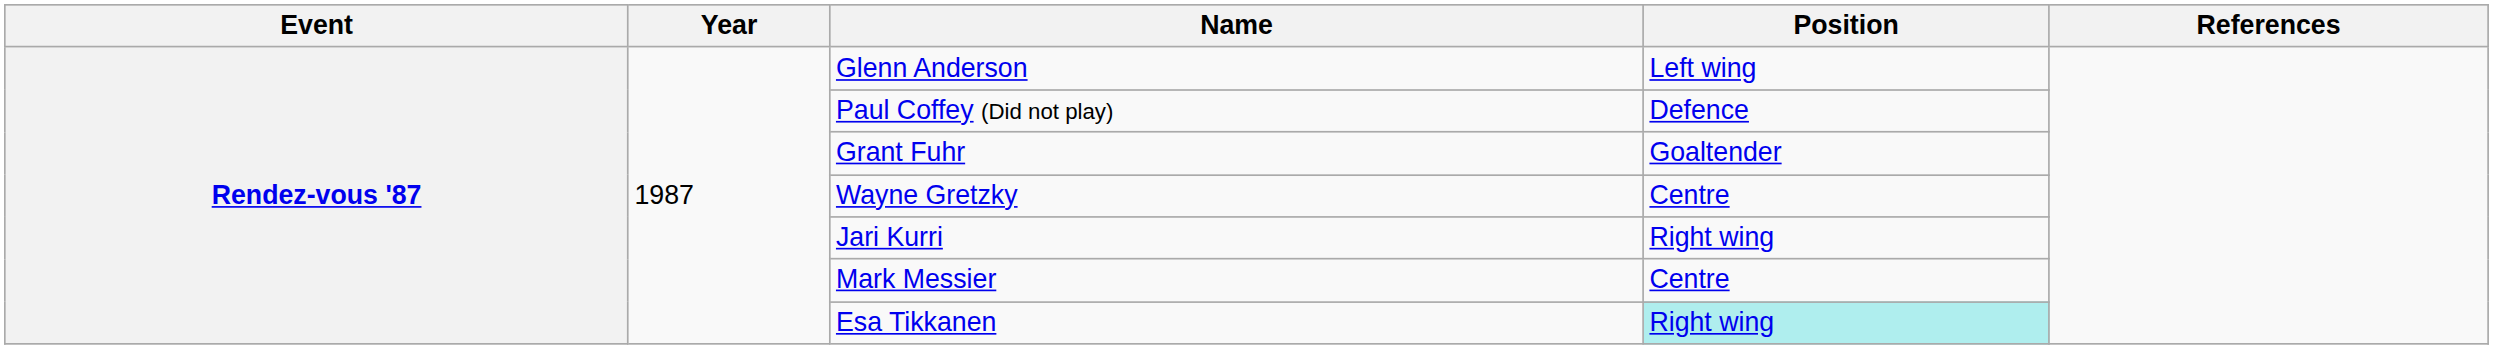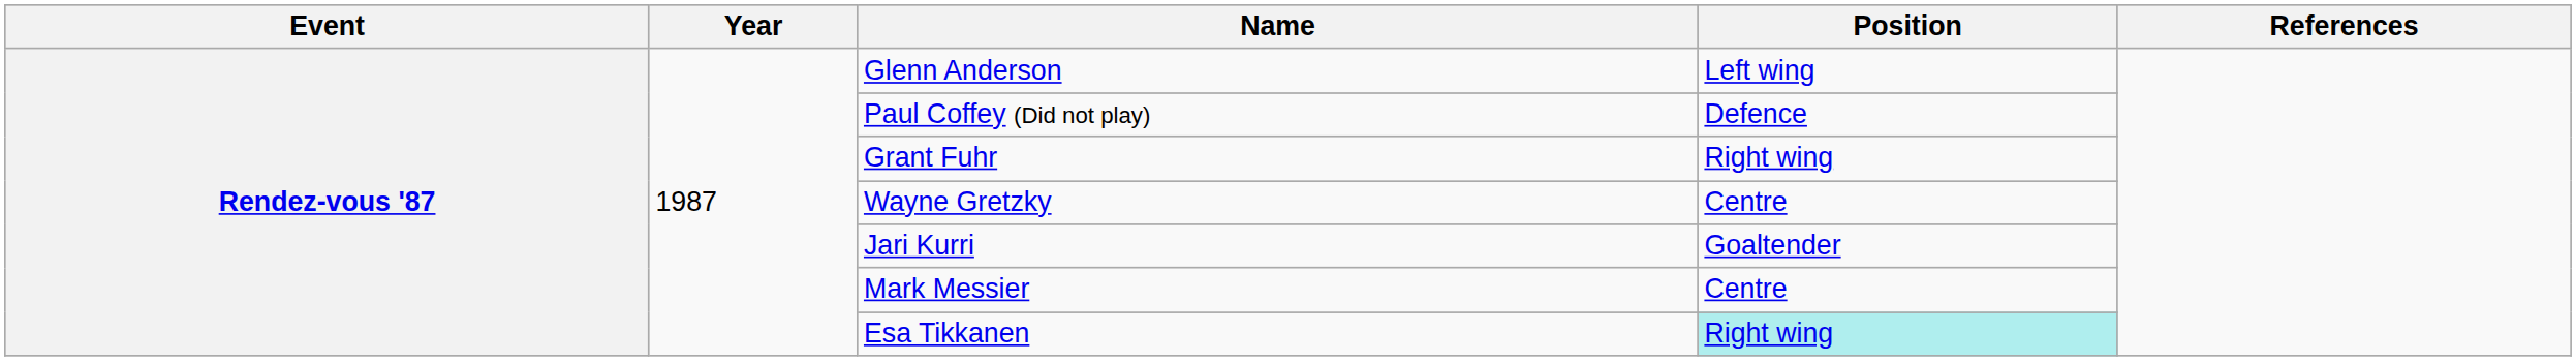 <table class="wikitable" width="75%">
 <tr>
 <th scope="col">Event</th>
 <th scope="col">Year</th>
 <th scope="col">Name</th>
 <th scope="col">Position</th>
 <th scope="col">References</th>
 </tr>
 <tr>
 <th scope="row" rowspan="7"><a href='#'>Rendez-vous '87</a></th>
 <td rowspan="7">1987</td>
 <td><a href='#'>Glenn Anderson</a></td>
 <td><a href='#'>Left wing</a></td>
 <td rowspan="7"></td>
 </tr>
 <tr>
 <td><a href='#'>Paul Coffey</a> <small>(Did not play)</small></td>
 <td><a href='#'>Defence</a></td>
 </tr>
 <tr>
 <td><a href='#'>Grant Fuhr</a></td>
-<td><a href='#'>Goaltender</a></td>
+<td><a href='#'>Right wing</a></td>
 </tr>
 <tr>
 <td><a href='#'>Wayne Gretzky</a></td>
 <td><a href='#'>Centre</a></td>
 </tr>
 <tr>
 <td><a href='#'>Jari Kurri</a></td>
-<td><a href='#'>Right wing</a></td>
+<td><a href='#'>Goaltender</a></td>
 </tr>
 <tr>
 <td><a href='#'>Mark Messier</a></td>
 <td><a href='#'>Centre</a></td>
 </tr>
 <tr>
 <td><a href='#'>Esa Tikkanen</a></td>
 <td style="background: paleturquoise;"><a href='#'>Right wing</a></td>
 </tr>
 </table>
